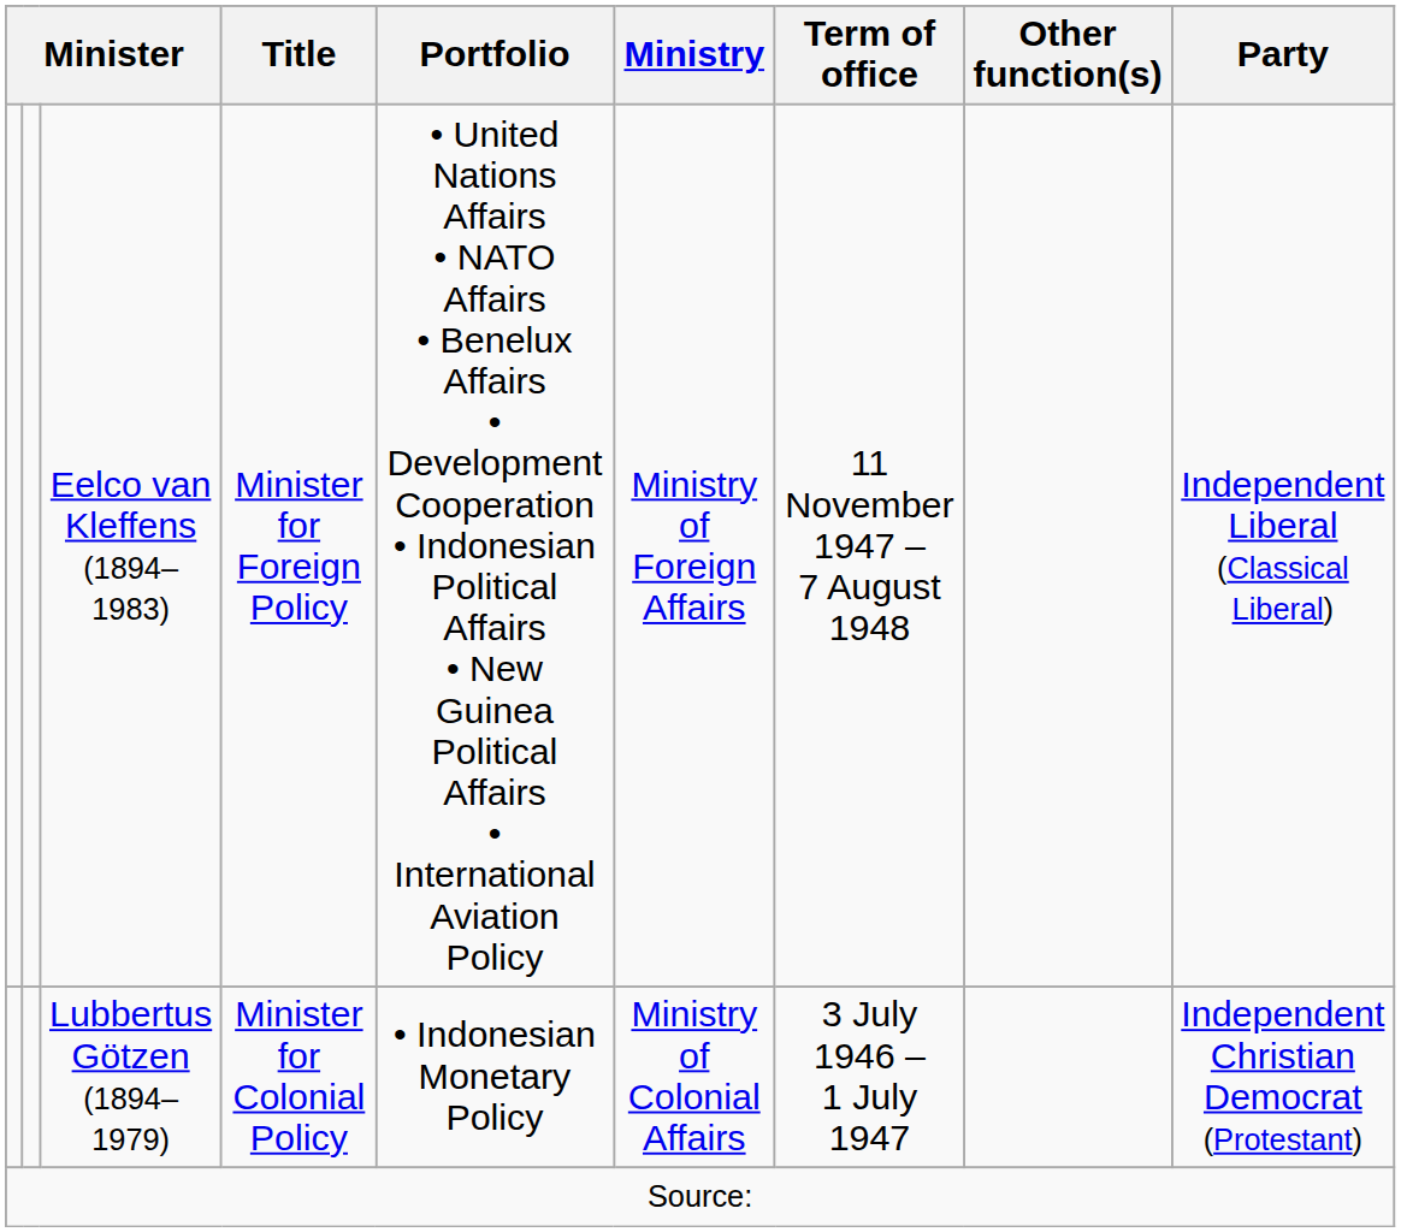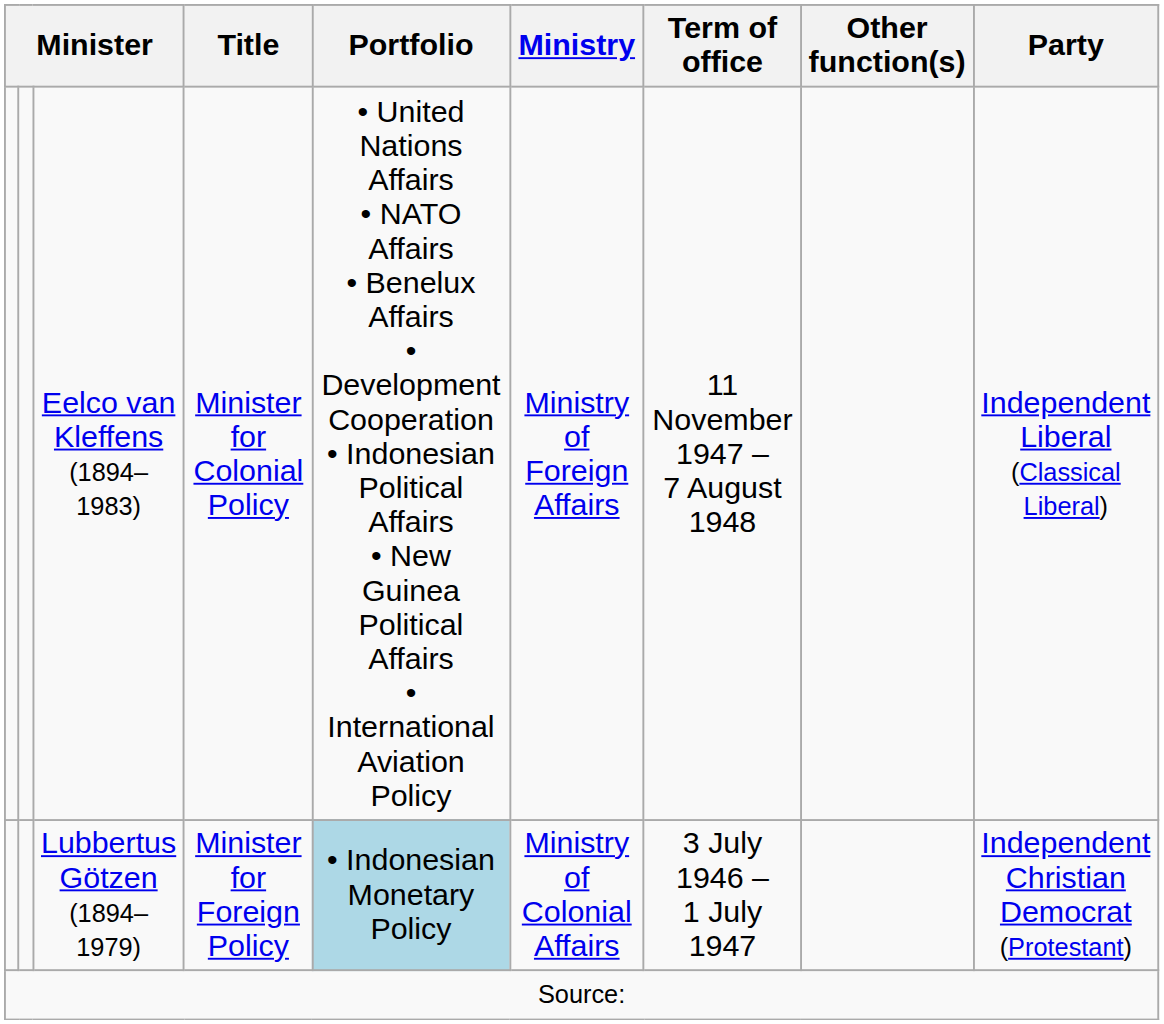 <table class="wikitable" style="text-align:center">
 <tr>
 <th colspan=3>Minister</th>
 <th>Title</th>
 <th>Portfolio</th>
 <th><a href='#'>Ministry</a></th>
 <th>Term of office</th>
 <th>Other function(s)</th>
 <th>Party</th>
 </tr>
 <tr>
 <td style="background:"></td>
 <td></td>
 <td><a href='#'>Eelco van Kleffens</a> <br> <small>(1894–1983)</small></td>
-<td><a href='#'>Minister for Foreign Policy</a></td>
+<td><a href='#'>Minister for Colonial Policy</a></td>
 <td>• United Nations Affairs <br> • NATO Affairs <br> • Benelux Affairs <br> • Development Cooperation <br> • Indonesian Political Affairs <br> • New Guinea Political Affairs <br> • International Aviation Policy</td>
 <td><a href='#'>Ministry of Foreign Affairs</a></td>
 <td>11 November 1947 – <br> 7 August 1948</td>
 <td></td>
 <td><a href='#'>Independent <br> Liberal</a> <br> <small>(<a href='#'>Classical Liberal</a>)</small></td>
 </tr>
 <tr>
 <td style="background:"></td>
 <td></td>
 <td><a href='#'>Lubbertus Götzen</a> <br> <small>(1894–1979)</small></td>
-<td><a href='#'>Minister for Colonial Policy</a></td>
-<td>• Indonesian Monetary Policy</td>
+<td><a href='#'>Minister for Foreign Policy</a></td>
+<td style="background: lightblue;">• Indonesian Monetary Policy</td>
 <td><a href='#'>Ministry of Colonial Affairs</a></td>
 <td>3 July 1946 – <br> 1 July 1947 <br> </td>
 <td></td>
 <td><a href='#'>Independent <br> Christian Democrat</a> <br> <small>(<a href='#'>Protestant</a>)</small></td>
 </tr>
 <tr>
 <td colspan=9><small>Source:  </small></td>
 </tr>
 </table>
